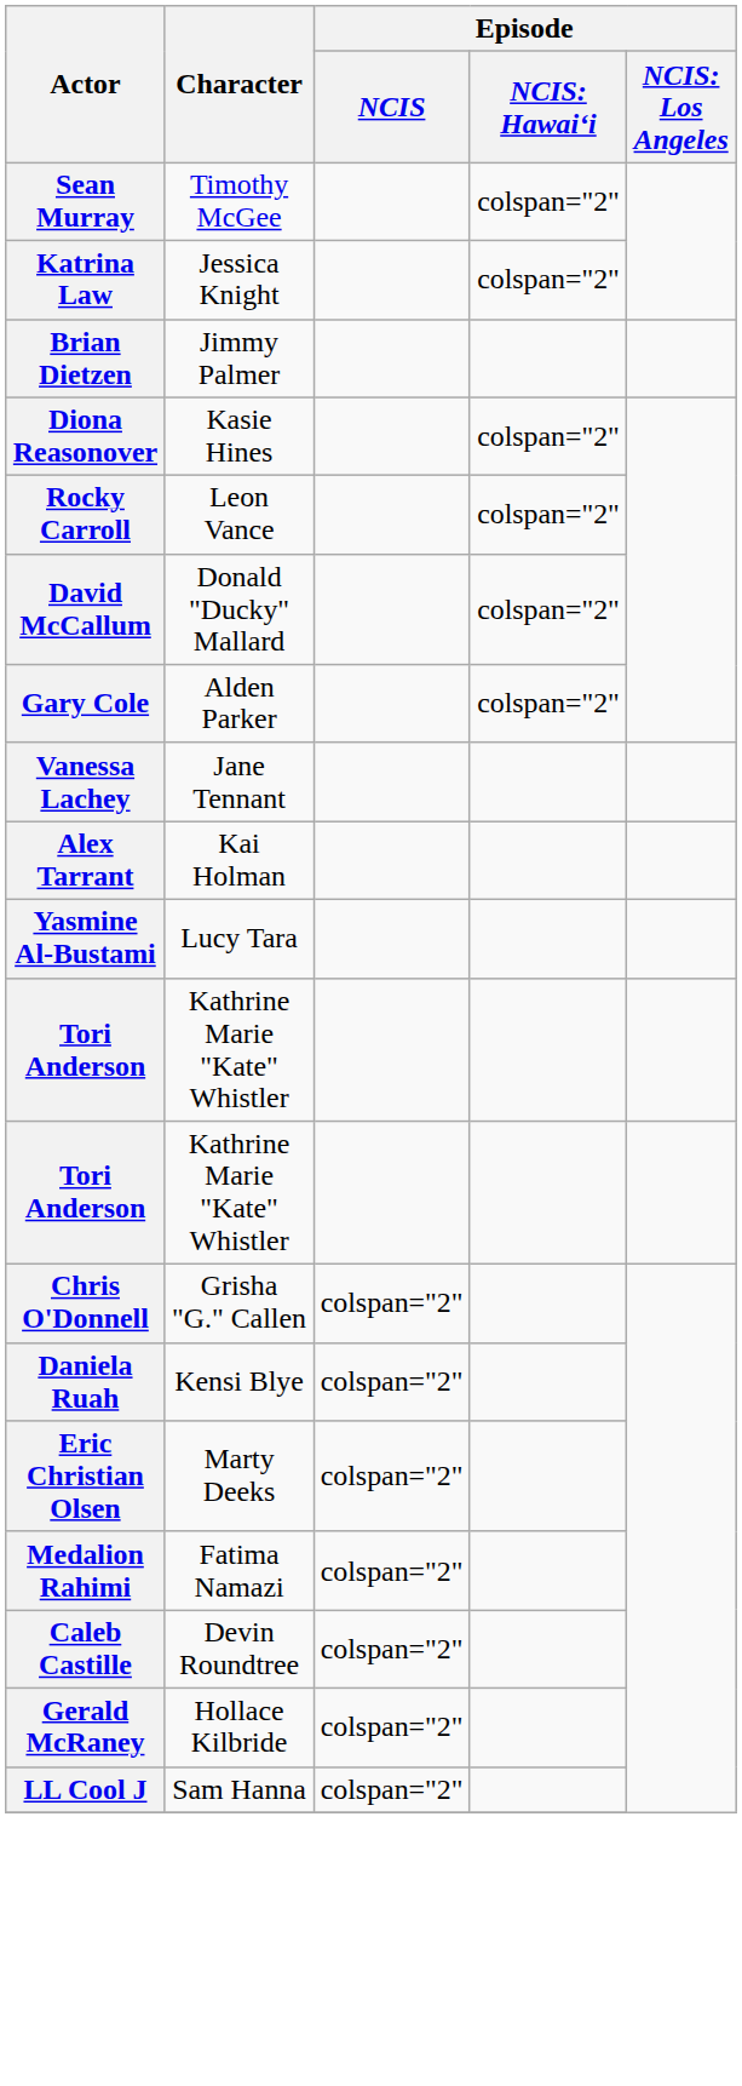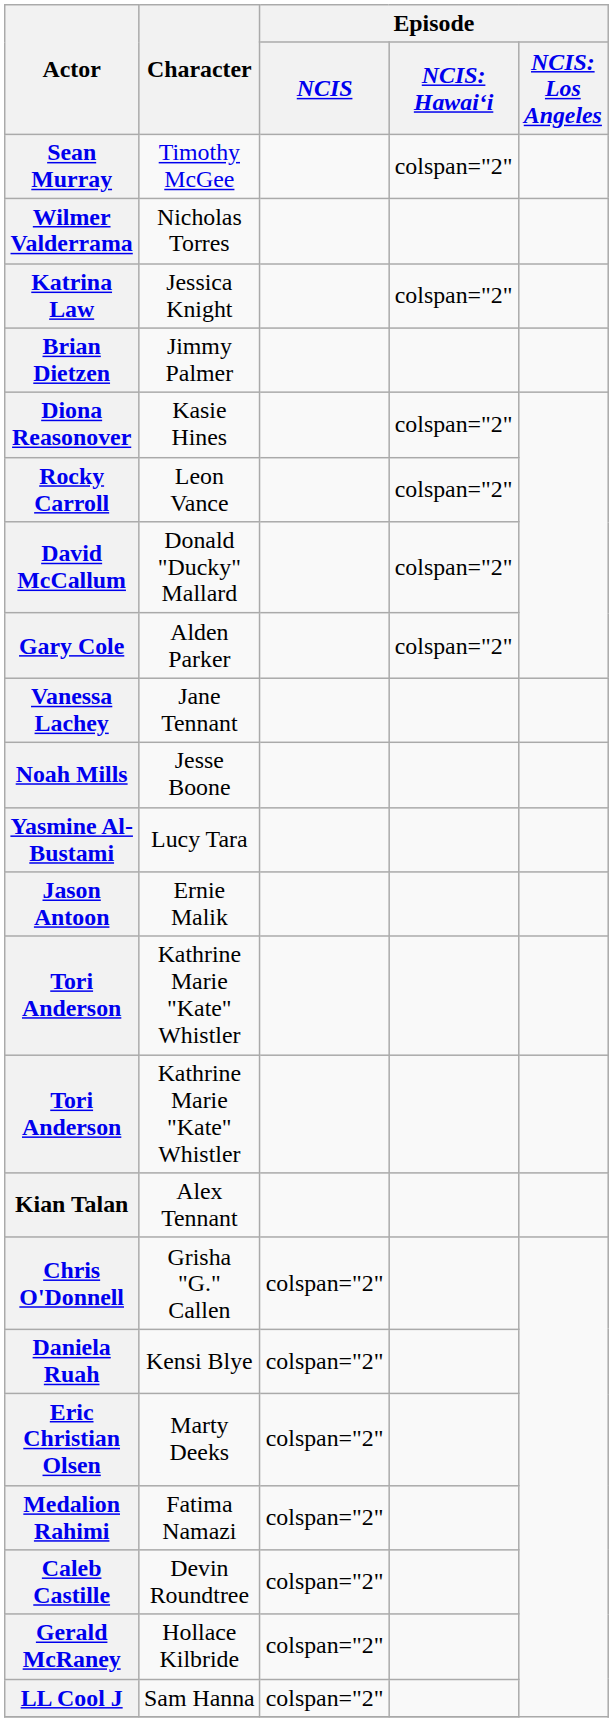 <table class="wikitable" style="width:65%; text-align:center;">
 <tr>
 <th scope="col" rowspan="2" width=12%>Actor</th>
 <th scope="col" rowspan="2" width=20%>Character</th>
 <th scope="col" colspan="3">Episode</th>
 </tr>
 <tr>
 <th scope="col" width=7%><em><a href='#'>NCIS</a></em></th>
 <th scope="col" width=7%><em><a href='#'>NCIS: Hawaiʻi</a></em></th>
 <th scope="col" width=7%><em><a href='#'>NCIS: Los Angeles</a></em></th>
 </tr>
 <tr>
 <th scope="row"><a href='#'>Sean Murray</a></th>
 <td><a href='#'>Timothy McGee</a></td>
 <td></td>
 <td>colspan="2" </td>
+</tr>
+<tr>
+<th scope="row"><a href='#'>Wilmer Valderrama</a></th>
+<td>Nicholas Torres</td>
+<td></td>
+<td></td>
+<td></td>
 </tr>
 <tr>
 <th scope="row"><a href='#'>Katrina Law</a></th>
 <td>Jessica Knight</td>
 <td></td>
 <td>colspan="2" </td>
 </tr>
 <tr>
 <th scope="row"><a href='#'>Brian Dietzen</a></th>
 <td>Jimmy Palmer</td>
 <td></td>
 <td></td>
 <td></td>
 </tr>
 <tr>
 <th scope="row"><a href='#'>Diona Reasonover</a></th>
 <td>Kasie Hines</td>
 <td></td>
 <td>colspan="2" </td>
 </tr>
 <tr>
 <th scope="row"><a href='#'>Rocky Carroll</a></th>
 <td>Leon Vance</td>
 <td></td>
 <td>colspan="2" </td>
 </tr>
 <tr>
 <th scope="row"><a href='#'>David McCallum</a></th>
 <td>Donald "Ducky" Mallard</td>
 <td></td>
 <td>colspan="2" </td>
 </tr>
 <tr>
 <th scope="row"><a href='#'>Gary Cole</a></th>
 <td>Alden Parker</td>
 <td></td>
 <td>colspan="2" </td>
 </tr>
 <tr>
 <th scope="row"><a href='#'>Vanessa Lachey</a></th>
 <td>Jane Tennant</td>
 <td></td>
 <td></td>
 <td></td>
 </tr>
 <tr>
-<th scope="row"><a href='#'>Alex Tarrant</a></th>
-<td>Kai Holman</td>
+<th scope="row"><a href='#'>Noah Mills</a></th>
+<td>Jesse Boone</td>
 <td></td>
 <td></td>
 <td></td>
 </tr>
 <tr>
 <th scope="row"><a href='#'>Yasmine Al-Bustami</a></th>
 <td>Lucy Tara</td>
+<td></td>
+<td></td>
+<td></td>
+</tr>
+<tr>
+<th scope="row"><a href='#'>Jason Antoon</a></th>
+<td>Ernie Malik</td>
 <td></td>
 <td></td>
 <td></td>
 </tr>
 <tr>
 <th scope="row"><a href='#'>Tori Anderson</a></th>
 <td>Kathrine Marie "Kate" Whistler</td>
 <td></td>
 <td></td>
 <td></td>
 </tr>
 <tr>
 <th scope="row"><a href='#'>Tori Anderson</a></th>
 <td>Kathrine Marie "Kate" Whistler</td>
+<td></td>
+<td></td>
+<td></td>
+</tr>
+<tr>
+<th scope="row">Kian Talan</th>
+<td>Alex Tennant</td>
 <td></td>
 <td></td>
 <td></td>
 </tr>
 <tr>
 <th scope="row"><a href='#'>Chris O'Donnell</a></th>
 <td>Grisha "G." Callen</td>
 <td>colspan="2" </td>
 <td></td>
 </tr>
 <tr>
 <th scope="row"><a href='#'>Daniela Ruah</a></th>
 <td>Kensi Blye</td>
 <td>colspan="2" </td>
 <td></td>
 </tr>
 <tr>
 <th scope="row"><a href='#'>Eric Christian Olsen</a></th>
 <td>Marty Deeks</td>
 <td>colspan="2" </td>
 <td></td>
 </tr>
 <tr>
 <th scope="row"><a href='#'>Medalion Rahimi</a></th>
 <td>Fatima Namazi</td>
 <td>colspan="2" </td>
 <td></td>
 </tr>
 <tr>
 <th scope="row"><a href='#'>Caleb Castille</a></th>
 <td>Devin Roundtree</td>
 <td>colspan="2" </td>
 <td></td>
 </tr>
 <tr>
 <th scope="row"><a href='#'>Gerald McRaney</a></th>
 <td>Hollace Kilbride</td>
 <td>colspan="2" </td>
 <td></td>
 </tr>
 <tr>
 <th scope="row"><a href='#'>LL Cool J</a></th>
 <td>Sam Hanna</td>
 <td>colspan="2" </td>
 <td></td>
 </tr>
 <tr>
 </tr>
 </table>
